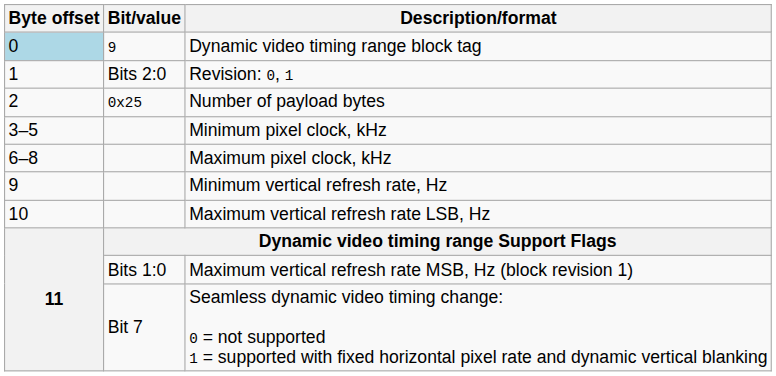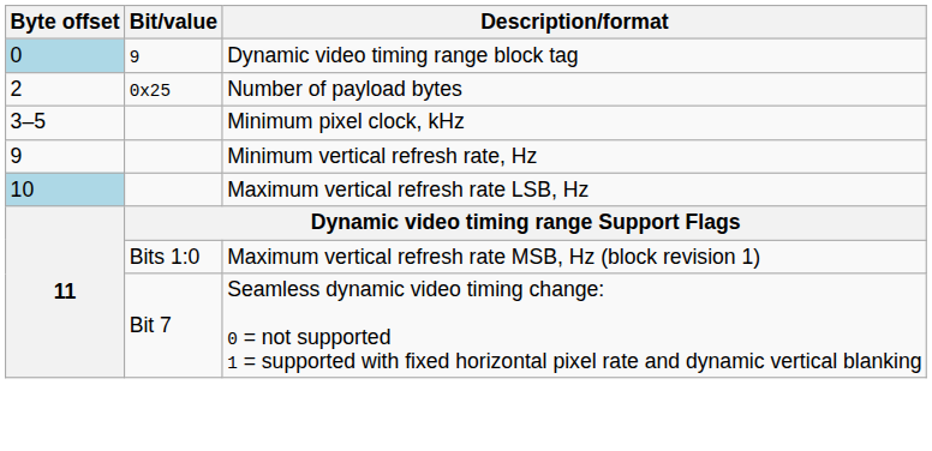 <table class=wikitable>
 <tr>
 <th>Byte offset</th>
 <th>Bit/value</th>
 <th>Description/format</th>
 </tr>
 <tr>
 <td style="background: lightblue;">0</td>
 <td><code>9</code></td>
 <td>Dynamic video timing range block tag</td>
 </tr>
 <tr>
-<td>1</td>
-<td>Bits 2:0</td>
-<td>Revision: <code>0</code>, <code>1</code></td>
-</tr>
-<tr>
 <td>2</td>
 <td><code>0x25</code></td>
 <td>Number of payload bytes</td>
 </tr>
 <tr>
 <td>3–5</td>
 <td></td>
 <td>Minimum pixel clock, kHz</td>
 </tr>
 <tr>
-<td>6–8</td>
-<td></td>
-<td>Maximum pixel clock, kHz</td>
-</tr>
-<tr>
 <td>9</td>
 <td></td>
 <td>Minimum vertical refresh rate, Hz</td>
 </tr>
 <tr>
-<td>10</td>
+<td style="background: lightblue;">10</td>
 <td></td>
 <td>Maximum vertical refresh rate LSB, Hz</td>
 </tr>
 <tr>
 <th rowspan=3>11</th>
 <th colspan=2>Dynamic video timing range Support Flags</th>
 </tr>
 <tr>
 <td>Bits 1:0</td>
 <td>Maximum vertical refresh rate MSB, Hz (block revision 1)</td>
 </tr>
 <tr>
 <td>Bit 7</td>
 <td>Seamless dynamic video timing change:<br><br><code>0</code> = not supported<br> <code>1</code> = supported with fixed horizontal pixel rate and dynamic vertical blanking</td>
 </tr>
 </table>
